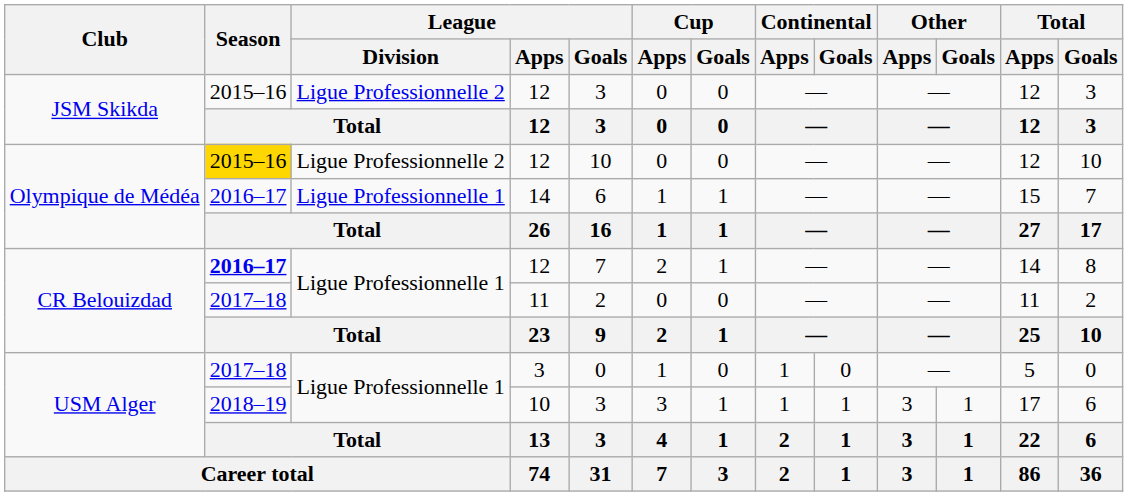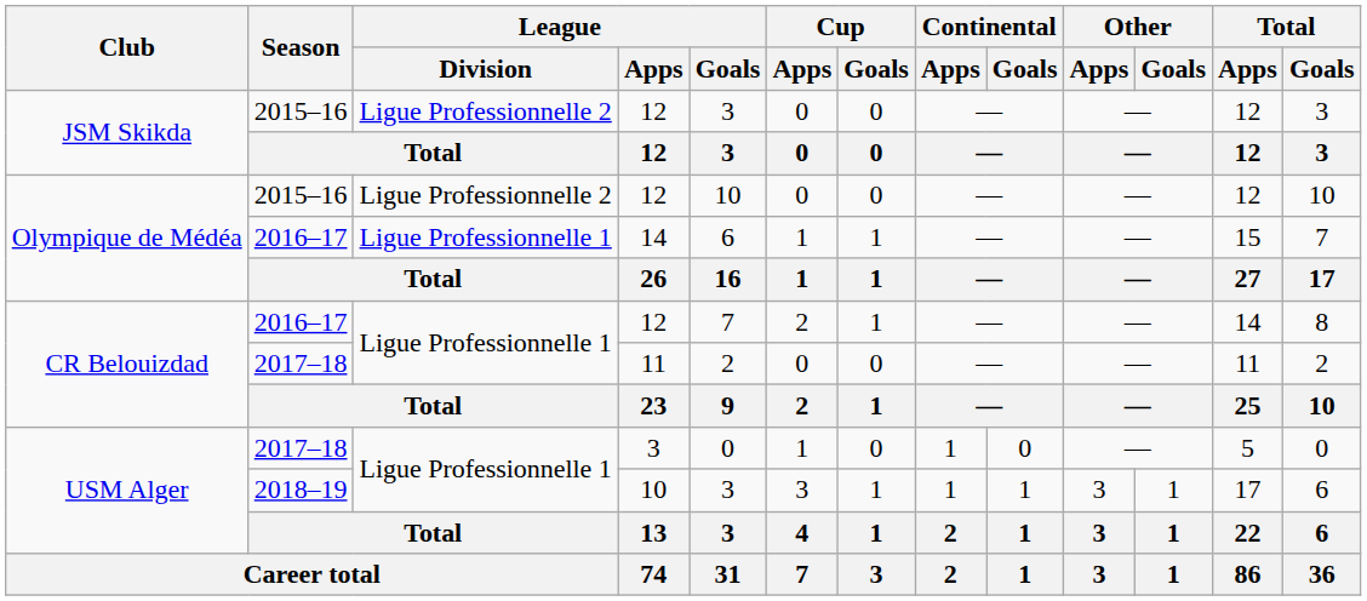 <table class="wikitable" style="text-align:center">
 <tr>
 <th rowspan="2">Club</th>
 <th rowspan="2">Season</th>
 <th colspan="3">League</th>
 <th colspan="2">Cup</th>
 <th colspan="2">Continental</th>
 <th colspan="2">Other</th>
 <th colspan="2">Total</th>
 </tr>
 <tr>
 <th>Division</th>
 <th>Apps</th>
 <th>Goals</th>
 <th>Apps</th>
 <th>Goals</th>
 <th>Apps</th>
 <th>Goals</th>
 <th>Apps</th>
 <th>Goals</th>
 <th>Apps</th>
 <th>Goals</th>
 </tr>
 <tr>
 <td rowspan="2"><a href='#'>JSM Skikda</a></td>
 <td>2015–16</td>
 <td><a href='#'>Ligue Professionnelle 2</a></td>
 <td>12</td>
 <td>3</td>
 <td>0</td>
 <td>0</td>
 <td colspan="2">—</td>
 <td colspan="2">—</td>
 <td>12</td>
 <td>3</td>
 </tr>
 <tr>
 <th colspan="2">Total</th>
 <th>12</th>
 <th>3</th>
 <th>0</th>
 <th>0</th>
 <th colspan="2">—</th>
 <th colspan="2">—</th>
 <th>12</th>
 <th>3</th>
 </tr>
 <tr>
 <td rowspan="3"><a href='#'>Olympique de Médéa</a></td>
-<td style="background: gold;">2015–16</td>
+<td>2015–16</td>
 <td>Ligue Professionnelle 2</td>
 <td>12</td>
 <td>10</td>
 <td>0</td>
 <td>0</td>
 <td colspan="2">—</td>
 <td colspan="2">—</td>
 <td>12</td>
 <td>10</td>
 </tr>
 <tr>
 <td><a href='#'>2016–17</a></td>
 <td><a href='#'>Ligue Professionnelle 1</a></td>
 <td>14</td>
 <td>6</td>
 <td>1</td>
 <td>1</td>
 <td colspan="2">—</td>
 <td colspan="2">—</td>
 <td>15</td>
 <td>7</td>
 </tr>
 <tr>
 <th colspan="2">Total</th>
 <th>26</th>
 <th>16</th>
 <th>1</th>
 <th>1</th>
 <th colspan="2">—</th>
 <th colspan="2">—</th>
 <th>27</th>
 <th>17</th>
 </tr>
 <tr>
 <td rowspan="3"><a href='#'>CR Belouizdad</a></td>
-<td><strong><a href='#'>2016–17</a></strong></td>
+<td><a href='#'>2016–17</a></td>
 <td rowspan="2">Ligue Professionnelle 1</td>
 <td>12</td>
 <td>7</td>
 <td>2</td>
 <td>1</td>
 <td colspan="2">—</td>
 <td colspan="2">—</td>
 <td>14</td>
 <td>8</td>
 </tr>
 <tr>
 <td><a href='#'>2017–18</a></td>
 <td>11</td>
 <td>2</td>
 <td>0</td>
 <td>0</td>
 <td colspan="2">—</td>
 <td colspan="2">—</td>
 <td>11</td>
 <td>2</td>
 </tr>
 <tr>
 <th colspan="2">Total</th>
 <th>23</th>
 <th>9</th>
 <th>2</th>
 <th>1</th>
 <th colspan="2">—</th>
 <th colspan="2">—</th>
 <th>25</th>
 <th>10</th>
 </tr>
 <tr>
 <td rowspan="3"><a href='#'>USM Alger</a></td>
 <td><a href='#'>2017–18</a></td>
 <td rowspan="2">Ligue Professionnelle 1</td>
 <td>3</td>
 <td>0</td>
 <td>1</td>
 <td>0</td>
 <td>1</td>
 <td>0</td>
 <td colspan="2">—</td>
 <td>5</td>
 <td>0</td>
 </tr>
 <tr>
 <td><a href='#'>2018–19</a></td>
 <td>10</td>
 <td>3</td>
 <td>3</td>
 <td>1</td>
 <td>1</td>
 <td>1</td>
 <td>3</td>
 <td>1</td>
 <td>17</td>
 <td>6</td>
 </tr>
 <tr>
 <th colspan="2">Total</th>
 <th>13</th>
 <th>3</th>
 <th>4</th>
 <th>1</th>
 <th>2</th>
 <th>1</th>
 <th>3</th>
 <th>1</th>
 <th>22</th>
 <th>6</th>
 </tr>
 <tr>
 <th colspan="3">Career total</th>
 <th>74</th>
 <th>31</th>
 <th>7</th>
 <th>3</th>
 <th>2</th>
 <th>1</th>
 <th>3</th>
 <th>1</th>
 <th>86</th>
 <th>36</th>
 </tr>
 </table>
